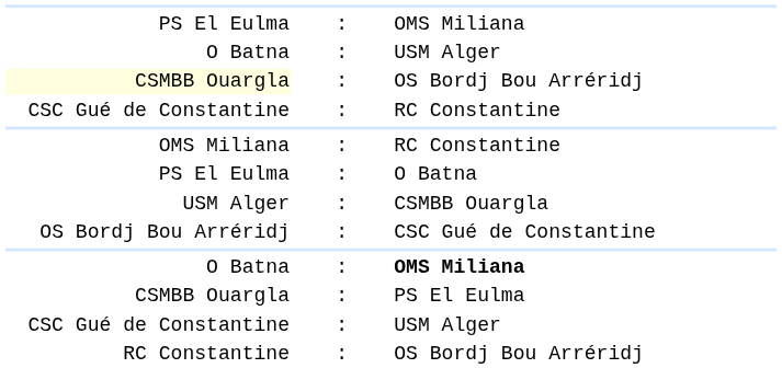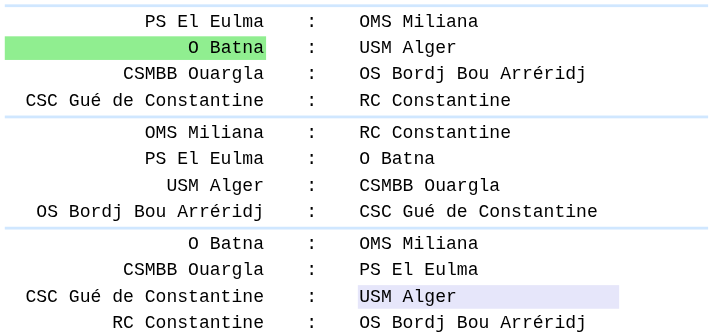 <table style="text-align:center" width=510>
 <tr>
 <th width=30%></th>
 <th width=10%></th>
 <th width=30%></th>
 <th width=10%></th>
 </tr>
 <tr align="left" bgcolor=#D0E7FF>
 <td colspan=4></td>
 </tr>
 <tr>
 <td align="right">PS El Eulma</td>
 <td>:</td>
 <td align=left>OMS Miliana</td>
 </tr>
 <tr>
-<td align="right">O Batna</td>
+<td align="right" style="background: lightgreen;">O Batna</td>
 <td>:</td>
 <td align=left>USM Alger</td>
 </tr>
 <tr>
-<td align="right" style="background: lightyellow;">CSMBB Ouargla</td>
+<td align="right">CSMBB Ouargla</td>
 <td>:</td>
 <td align=left>OS Bordj Bou Arréridj</td>
 </tr>
 <tr>
 <td align="right">CSC Gué de Constantine</td>
 <td>:</td>
 <td align=left>RC Constantine</td>
 </tr>
 <tr align="left" bgcolor=#D0E7FF>
 <td colspan=4></td>
 </tr>
 <tr>
 <td align="right">OMS Miliana</td>
 <td>:</td>
 <td align=left>RC Constantine</td>
 </tr>
 <tr>
 <td align="right">PS El Eulma</td>
 <td>:</td>
 <td align=left>O Batna</td>
 </tr>
 <tr>
 <td align="right">USM Alger</td>
 <td>:</td>
 <td align=left>CSMBB Ouargla</td>
 </tr>
 <tr>
 <td align="right">OS Bordj Bou Arréridj</td>
 <td>:</td>
 <td align=left>CSC Gué de Constantine</td>
 </tr>
 <tr align="left" bgcolor=#D0E7FF>
 <td colspan=4></td>
 </tr>
 <tr>
 <td align="right">O Batna</td>
 <td>:</td>
-<td align=left><strong>OMS Miliana</strong></td>
+<td align=left>OMS Miliana</td>
 </tr>
 <tr>
 <td align="right">CSMBB Ouargla</td>
 <td>:</td>
 <td align=left>PS El Eulma</td>
 </tr>
 <tr>
 <td align="right">CSC Gué de Constantine</td>
 <td>:</td>
-<td align=left>USM Alger</td>
+<td align=left style="background: lavender;">USM Alger</td>
 </tr>
 <tr>
 <td align="right">RC Constantine</td>
 <td>:</td>
 <td align=left>OS Bordj Bou Arréridj</td>
 </tr>
 </table>
